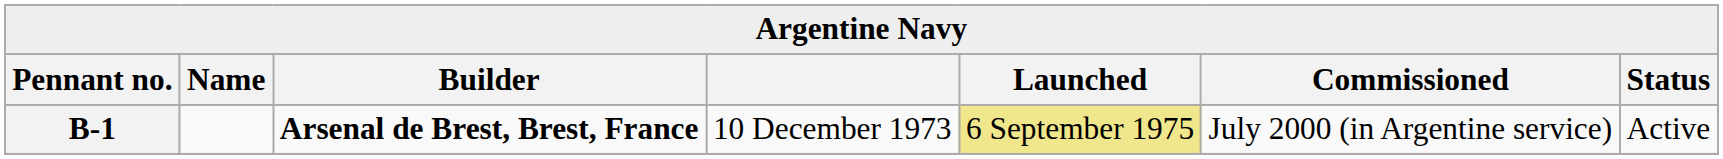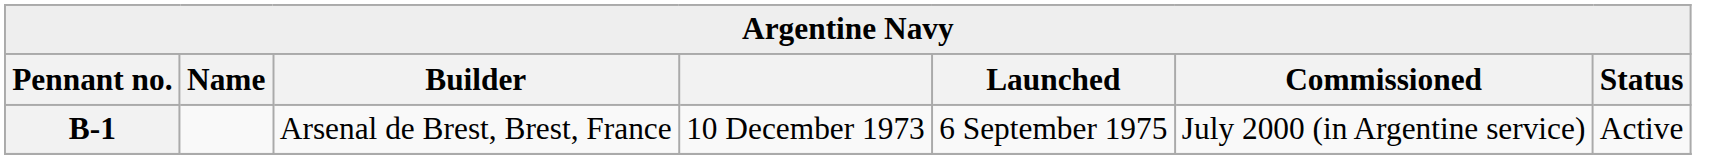 <table border="1" class="wikitable plainrowheaders collapsible">
 <tr>
 <th colspan="7" style="background:#eee;" align="center"><strong>Argentine Navy</strong></th>
 </tr>
 <tr>
 <th scope="col">Pennant no.</th>
 <th scope="col">Name</th>
 <th scope="col">Builder</th>
 <th scope="col"></th>
 <th scope="col">Launched</th>
 <th scope="col">Commissioned</th>
 <th scope="col">Status</th>
 </tr>
 <tr>
 <th scope="row">B-1</th>
 <td></td>
-<td><strong>Arsenal de Brest, Brest, France</strong></td>
+<td>Arsenal de Brest, Brest, France</td>
 <td>10 December 1973</td>
-<td style="background: khaki;">6 September 1975</td>
+<td>6 September 1975</td>
 <td>July 2000 (in Argentine service)</td>
 <td>Active</td>
 </tr>
 <tr>
 </tr>
 </table>
